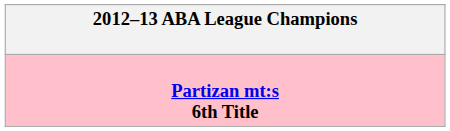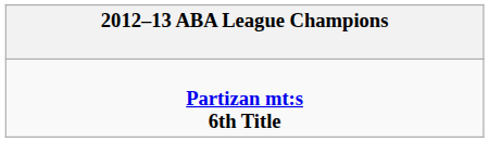 <table class="wikitable" style="margin: 0 auto; width: 30%;">
 <tr>
 <th>2012–13 ABA League Champions<br><br></th>
 </tr>
 <tr>
-<td align=center style="background: pink;"><br><strong><a href='#'>Partizan mt:s</a></strong><br><strong>6th Title</strong></td>
+<td align=center><br><strong><a href='#'>Partizan mt:s</a></strong><br><strong>6th Title</strong></td>
 </tr>
 </table>
